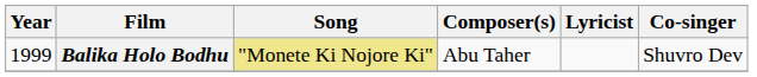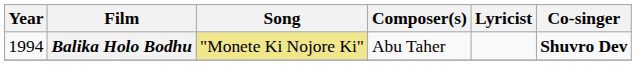 <table class="sortable wikitable">
 <tr>
 <th>Year</th>
 <th>Film</th>
 <th>Song</th>
 <th>Composer(s)</th>
 <th>Lyricist</th>
 <th>Co-singer</th>
 </tr>
 <tr>
-<td>1999</td>
+<td>1994</td>
 <th><em>Balika Holo Bodhu</em></th>
 <td style="background: khaki;">"Monete Ki Nojore Ki"</td>
 <td>Abu Taher</td>
 <td></td>
-<td>Shuvro Dev</td>
+<td><strong>Shuvro Dev</strong></td>
 </tr>
 <tr>
 </tr>
 </table>
